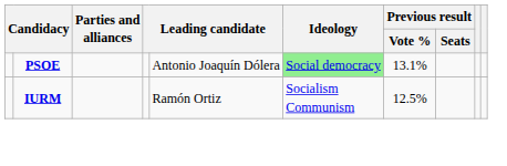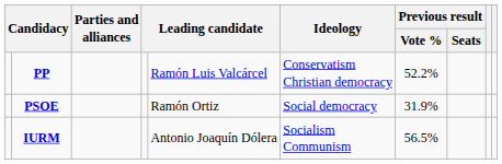 <table class="wikitable" style="line-height:1.35em; text-align:left;">
 <tr>
 <th colspan="2" rowspan="2">Candidacy</th>
 <th rowspan="2">Parties and<br>alliances</th>
 <th colspan="2" rowspan="2">Leading candidate</th>
 <th rowspan="2">Ideology</th>
 <th colspan="2">Previous result</th>
 <th rowspan="2"></th>
 <th rowspan="2"></th>
 </tr>
 <tr>
 <th>Vote %</th>
 <th>Seats</th>
 </tr>
 <tr>
+<td width="1" style="color:inherit;background:"></td>
+<td align="center"><strong><a href='#'>PP</a></strong></td>
+<td></td>
+<td></td>
+<td><a href='#'>Ramón Luis Valcárcel</a></td>
+<td><a href='#'>Conservatism</a><br><a href='#'>Christian democracy</a></td>
+<td align="center">52.2%</td>
+<td></td>
+<td></td>
+<td></td>
+</tr>
+<tr>
 <td style="color:inherit;background:"></td>
 <td align="center"><strong><a href='#'>PSOE</a></strong></td>
 <td></td>
 <td></td>
-<td>Antonio Joaquín Dólera</td>
-<td style="background: lightgreen;"><a href='#'>Social democracy</a></td>
-<td align="center">13.1%</td>
+<td>Ramón Ortiz</td>
+<td><a href='#'>Social democracy</a></td>
+<td align="center">31.9%</td>
 <td></td>
 <td></td>
 <td></td>
 </tr>
 <tr>
 <td style="color:inherit;background:"></td>
 <td align="center"><strong><a href='#'>IURM</a></strong></td>
 <td></td>
 <td></td>
-<td>Ramón Ortiz</td>
+<td>Antonio Joaquín Dólera</td>
 <td><a href='#'>Socialism</a><br><a href='#'>Communism</a></td>
-<td align="center">12.5%</td>
+<td align="center">56.5%</td>
 <td></td>
 <td></td>
 <td></td>
 </tr>
 </table>
